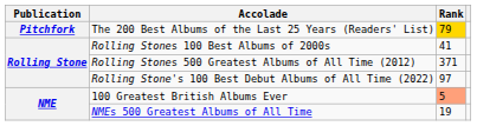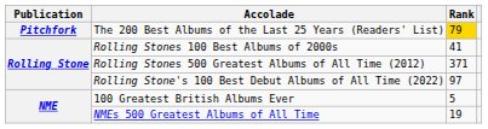 <table class="wikitable sortable plainrowheaders">
 <tr>
 <th scope="col">Publication</th>
 <th scope="col">Accolade</th>
 <th scope="col">Rank</th>
 <th class="unsortable" scope="col"></th>
 </tr>
 <tr>
 <th scope="row"><em><a href='#'>Pitchfork</a></em></th>
 <td>The 200 Best Albums of the Last 25 Years (Readers' List)</td>
 <td style="background: gold;">79</td>
 <td></td>
 </tr>
 <tr>
 <th rowspan="3" scope="row"><em><a href='#'>Rolling Stone</a></em></th>
 <td><em>Rolling Stone</em>s 100 Best Albums of 2000s</td>
 <td>41</td>
 <td></td>
 </tr>
 <tr>
 <td><em>Rolling Stone</em>s 500 Greatest Albums of All Time (2012)</td>
 <td>371</td>
 <td></td>
 </tr>
 <tr>
 <td><em>Rolling Stone</em>'s 100 Best Debut Albums of All Time (2022)</td>
 <td>97</td>
 <td></td>
 </tr>
 <tr>
 <th rowspan="2" scope="row"><em><a href='#'>NME</a></em></th>
 <td>100 Greatest British Albums Ever</td>
-<td style="background: lightsalmon;">5</td>
+<td>5</td>
 <td></td>
 </tr>
 <tr>
 <td><a href='#'><em>NME</em>s 500 Greatest Albums of All Time</a></td>
 <td>19</td>
 <td></td>
 </tr>
 </table>
